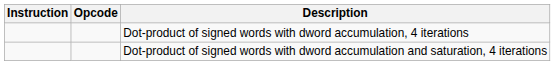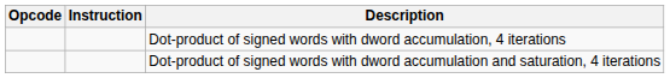 <table class="wikitable">
 <tr>
+<th>Opcode</th>
 <th>Instruction</th>
-<th>Opcode</th>
 <th>Description</th>
 </tr>
 <tr>
 <td></td>
 <td></td>
 <td>Dot-product of signed words with dword accumulation, 4 iterations</td>
 </tr>
 <tr>
 <td></td>
 <td></td>
 <td>Dot-product of signed words with dword accumulation and saturation, 4 iterations</td>
 </tr>
 </table>
